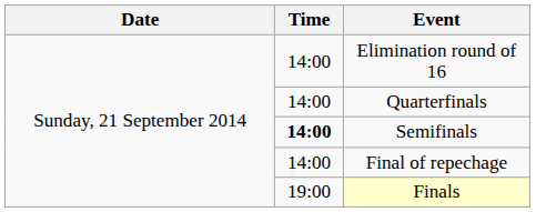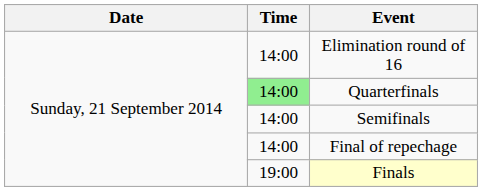 <table class = "wikitable" style="text-align:center;">
 <tr>
 <th width=220>Date</th>
 <th width=50>Time</th>
 <th width=150>Event</th>
 </tr>
 <tr>
 <td rowspan=5>Sunday, 21 September 2014</td>
 <td>14:00</td>
 <td>Elimination round of 16</td>
 </tr>
 <tr>
-<td>14:00</td>
+<td style="background: lightgreen;">14:00</td>
 <td>Quarterfinals</td>
 </tr>
 <tr>
-<td><strong>14:00</strong></td>
+<td>14:00</td>
 <td>Semifinals</td>
 </tr>
 <tr>
 <td>14:00</td>
 <td>Final of repechage</td>
 </tr>
 <tr>
 <td>19:00</td>
 <td bgcolor=ffffcc>Finals</td>
 </tr>
 </table>
